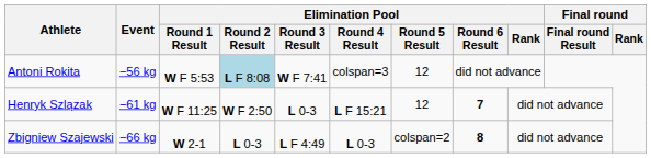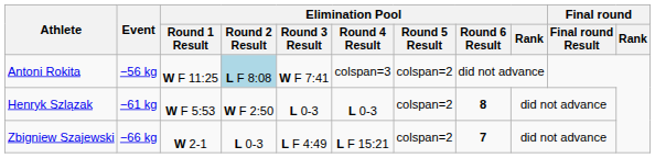 <table class="wikitable" style="font-size:90%">
 <tr>
 <th rowspan="2">Athlete</th>
 <th rowspan="2">Event</th>
 <th colspan=7>Elimination Pool</th>
 <th colspan=2>Final round</th>
 </tr>
 <tr style="font-size: 95%">
 <th>Round 1<br>Result</th>
 <th>Round 2<br>Result</th>
 <th>Round 3<br>Result</th>
 <th>Round 4<br>Result</th>
 <th>Round 5<br>Result</th>
 <th>Round 6<br>Result</th>
 <th>Rank</th>
 <th>Final round<br>Result</th>
 <th>Rank</th>
 </tr>
 <tr align=center>
 <td align=left><a href='#'>Antoni Rokita</a></td>
 <td align=left><a href='#'>−56 kg</a></td>
-<td><br><strong>W</strong> F 5:53</td>
+<td><br><strong>W</strong> F 11:25</td>
 <td style="background: lightblue;"><br><strong>L</strong> F 8:08</td>
 <td><br><strong>W</strong> F 7:41</td>
 <td>colspan=3 </td>
-<td>12</td>
+<td>colspan=2 </td>
 <td colspan=2>did not advance</td>
 </tr>
 <tr align=center>
 <td align=left><a href='#'>Henryk Szlązak</a></td>
 <td align=left><a href='#'>−61 kg</a></td>
-<td><br><strong>W</strong> F 11:25</td>
+<td><br><strong>W</strong> F 5:53</td>
 <td><br><strong>W</strong> F 2:50</td>
 <td><br><strong>L</strong> 0-3</td>
-<td><br><strong>L</strong> F 15:21</td>
-<td>12</td>
-<td><strong>7</strong></td>
+<td><br><strong>L</strong> 0-3</td>
+<td>colspan=2 </td>
+<td><strong>8</strong></td>
 <td colspan=2>did not advance</td>
 </tr>
 <tr align=center>
 <td align=left><a href='#'>Zbigniew Szajewski</a></td>
 <td align=left><a href='#'>−66 kg</a></td>
 <td><br><strong>W</strong> 2-1</td>
 <td><br><strong>L</strong> 0-3</td>
 <td><br><strong>L</strong> F 4:49</td>
-<td><br><strong>L</strong> 0-3</td>
+<td><br><strong>L</strong> F 15:21</td>
 <td>colspan=2 </td>
-<td><strong>8</strong></td>
+<td><strong>7</strong></td>
 <td colspan=2>did not advance</td>
 </tr>
 </table>
